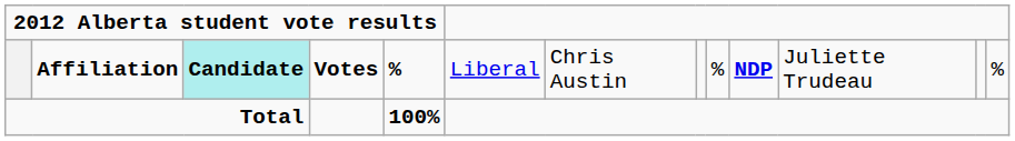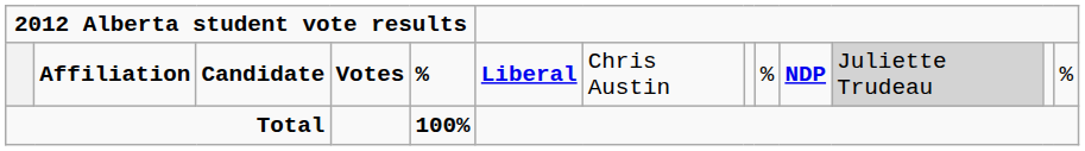 <table class="wikitable">
 <tr>
 <td colspan="5" align=center><strong>2012 Alberta student vote results</strong></td>
 </tr>
 <tr>
 <th style="width: 10px;"></th>
 <td><strong>Affiliation</strong></td>
-<td style="background: paleturquoise;"><strong>Candidate</strong></td>
+<td><strong>Candidate</strong></td>
 <td><strong>Votes</strong></td>
 <td><strong>%</strong><br>  </td>
-<td><a href='#'>Liberal</a></td>
+<td><strong><a href='#'>Liberal</a></strong></td>
 <td>Chris Austin</td>
 <td></td>
 <td>%<br></td>
 <td><strong><a href='#'>NDP</a></strong></td>
-<td>Juliette Trudeau</td>
+<td style="background: lightgrey;">Juliette Trudeau</td>
 <td></td>
 <td>%</td>
 </tr>
 <tr>
 <td colspan="3" align="right"><strong>Total</strong></td>
 <td></td>
 <td><strong>100%</strong></td>
 </tr>
 </table>
